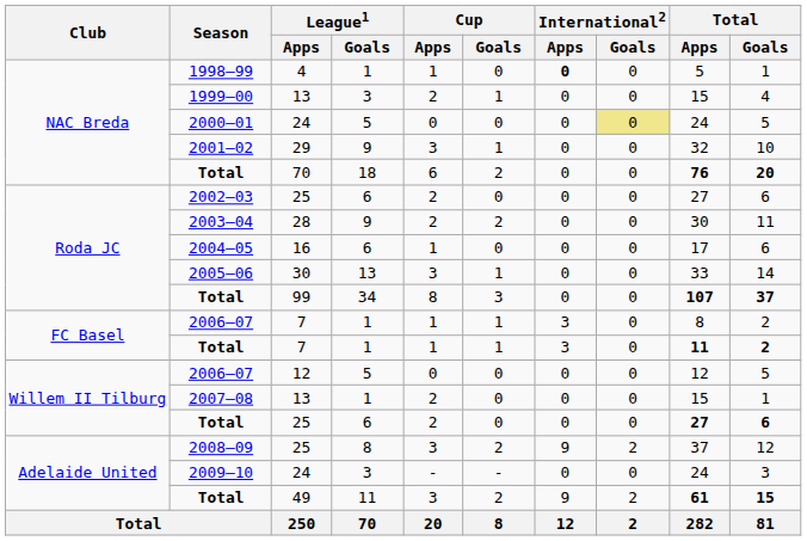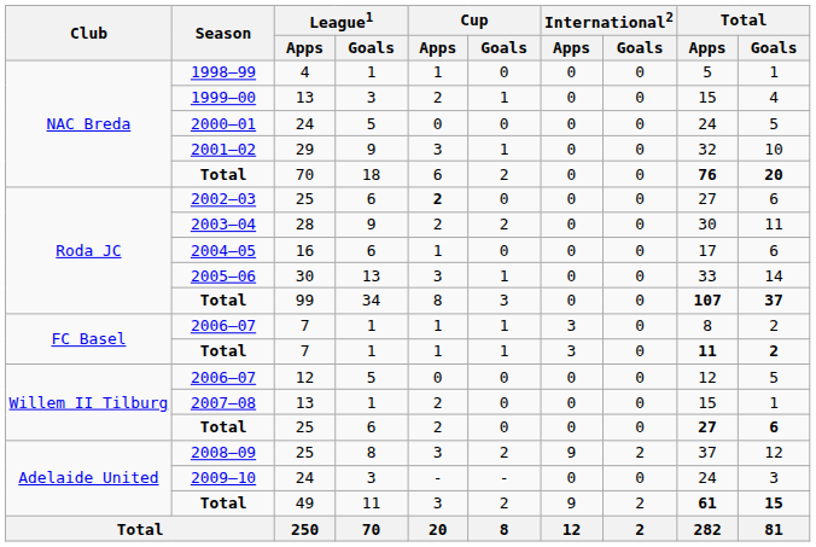 <table class="wikitable" style="text-align: center;">
 <tr>
 <th rowspan="2">Club</th>
 <th rowspan="2" width="80">Season</th>
 <th colspan="2" width="105">League<sup>1</sup></th>
 <th colspan="2" width="105">Cup</th>
 <th colspan="2" width="105">International<sup>2</sup></th>
 <th colspan="2" width="105">Total</th>
 </tr>
 <tr>
 <th>Apps</th>
 <th>Goals</th>
 <th>Apps</th>
 <th>Goals</th>
 <th>Apps</th>
 <th>Goals</th>
 <th>Apps</th>
 <th>Goals</th>
 </tr>
 <tr>
 <td rowspan="5" valign="center"><a href='#'>NAC Breda</a></td>
 <td><a href='#'>1998–99</a></td>
 <td>4</td>
 <td>1</td>
 <td>1</td>
 <td>0</td>
-<td><strong>0</strong></td>
+<td>0</td>
 <td>0</td>
 <td>5</td>
 <td>1</td>
 </tr>
 <tr>
 <td><a href='#'>1999–00</a></td>
 <td>13</td>
 <td>3</td>
 <td>2</td>
 <td>1</td>
 <td>0</td>
 <td>0</td>
 <td>15</td>
 <td>4</td>
 </tr>
 <tr>
 <td><a href='#'>2000–01</a></td>
 <td>24</td>
 <td>5</td>
 <td>0</td>
 <td>0</td>
 <td>0</td>
-<td style="background: khaki;">0</td>
+<td>0</td>
 <td>24</td>
 <td>5</td>
 </tr>
 <tr>
 <td><a href='#'>2001–02</a></td>
 <td>29</td>
 <td>9</td>
 <td>3</td>
 <td>1</td>
 <td>0</td>
 <td>0</td>
 <td>32</td>
 <td>10</td>
 </tr>
 <tr>
 <td><strong>Total</strong></td>
 <td>70</td>
 <td>18</td>
 <td>6</td>
 <td>2</td>
 <td>0</td>
 <td>0</td>
 <td><strong>76</strong></td>
 <td><strong>20</strong></td>
 </tr>
 <tr>
 <td rowspan="5" valign="center"><a href='#'>Roda JC</a></td>
 <td><a href='#'>2002–03</a></td>
 <td>25</td>
 <td>6</td>
-<td>2</td>
+<td><strong>2</strong></td>
 <td>0</td>
 <td>0</td>
 <td>0</td>
 <td>27</td>
 <td>6</td>
 </tr>
 <tr>
 <td><a href='#'>2003–04</a></td>
 <td>28</td>
 <td>9</td>
 <td>2</td>
 <td>2</td>
 <td>0</td>
 <td>0</td>
 <td>30</td>
 <td>11</td>
 </tr>
 <tr>
 <td><a href='#'>2004–05</a></td>
 <td>16</td>
 <td>6</td>
 <td>1</td>
 <td>0</td>
 <td>0</td>
 <td>0</td>
 <td>17</td>
 <td>6</td>
 </tr>
 <tr>
 <td><a href='#'>2005–06</a></td>
 <td>30</td>
 <td>13</td>
 <td>3</td>
 <td>1</td>
 <td>0</td>
 <td>0</td>
 <td>33</td>
 <td>14</td>
 </tr>
 <tr>
 <td><strong>Total</strong></td>
 <td>99</td>
 <td>34</td>
 <td>8</td>
 <td>3</td>
 <td>0</td>
 <td>0</td>
 <td><strong>107</strong></td>
 <td><strong>37</strong></td>
 </tr>
 <tr>
 <td rowspan="2" valign="center"><a href='#'>FC Basel</a></td>
 <td><a href='#'>2006–07</a></td>
 <td>7</td>
 <td>1</td>
 <td>1</td>
 <td>1</td>
 <td>3</td>
 <td>0</td>
 <td>8</td>
 <td>2</td>
 </tr>
 <tr>
 <td><strong>Total</strong></td>
 <td>7</td>
 <td>1</td>
 <td>1</td>
 <td>1</td>
 <td>3</td>
 <td>0</td>
 <td><strong>11</strong></td>
 <td><strong>2</strong></td>
 </tr>
 <tr>
 <td rowspan="3" valign="center"><a href='#'>Willem II Tilburg</a></td>
 <td><a href='#'>2006–07</a></td>
 <td>12</td>
 <td>5</td>
 <td>0</td>
 <td>0</td>
 <td>0</td>
 <td>0</td>
 <td>12</td>
 <td>5</td>
 </tr>
 <tr>
 <td><a href='#'>2007–08</a></td>
 <td>13</td>
 <td>1</td>
 <td>2</td>
 <td>0</td>
 <td>0</td>
 <td>0</td>
 <td>15</td>
 <td>1</td>
 </tr>
 <tr>
 <td><strong>Total</strong></td>
 <td>25</td>
 <td>6</td>
 <td>2</td>
 <td>0</td>
 <td>0</td>
 <td>0</td>
 <td><strong>27</strong></td>
 <td><strong>6</strong></td>
 </tr>
 <tr>
 <td rowspan="3" valign="center"><a href='#'>Adelaide United</a></td>
 <td><a href='#'>2008–09</a></td>
 <td>25</td>
 <td>8</td>
 <td>3</td>
 <td>2</td>
 <td>9</td>
 <td>2</td>
 <td>37</td>
 <td>12</td>
 </tr>
 <tr>
 <td><a href='#'>2009–10</a></td>
 <td>24</td>
 <td>3</td>
 <td>-</td>
 <td>-</td>
 <td>0</td>
 <td>0</td>
 <td>24</td>
 <td>3</td>
 </tr>
 <tr>
 <td><strong>Total</strong></td>
 <td>49</td>
 <td>11</td>
 <td>3</td>
 <td>2</td>
 <td>9</td>
 <td>2</td>
 <td><strong>61</strong></td>
 <td><strong>15</strong></td>
 </tr>
 <tr>
 <th colspan="2">Total</th>
 <th>250</th>
 <th>70</th>
 <th>20</th>
 <th>8</th>
 <th>12</th>
 <th>2</th>
 <th>282</th>
 <th>81</th>
 </tr>
 </table>
